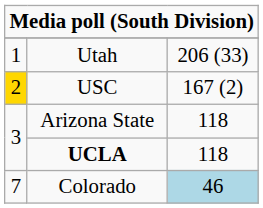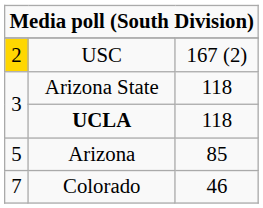 <table class="wikitable" style="display: inline-table;">
 <tr>
 <td align="center" Colspan="3"><strong>Media poll (South Division)</strong></td>
 </tr>
 <tr align="center">
-</tr>
-<tr align="center">
-<td>1</td>
-<td>Utah</td>
-<td>206 (33)</td>
 </tr>
 <tr align="center">
 <td style="background: gold;">2</td>
 <td>USC</td>
 <td>167 (2)</td>
 </tr>
 <tr align="center">
 <td rowspan="2">3</td>
 <td>Arizona State</td>
 <td>118</td>
 </tr>
 <tr align="center">
 <td><strong>UCLA</strong></td>
 <td>118</td>
 </tr>
 <tr align="center">
+<td>5</td>
+<td>Arizona</td>
+<td>85</td>
+</tr>
+<tr align="center">
 <td>7</td>
 <td>Colorado</td>
-<td style="background: lightblue;">46</td>
+<td>46</td>
 </tr>
 </table>
